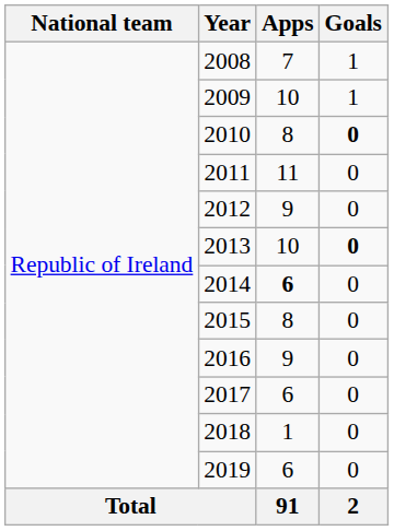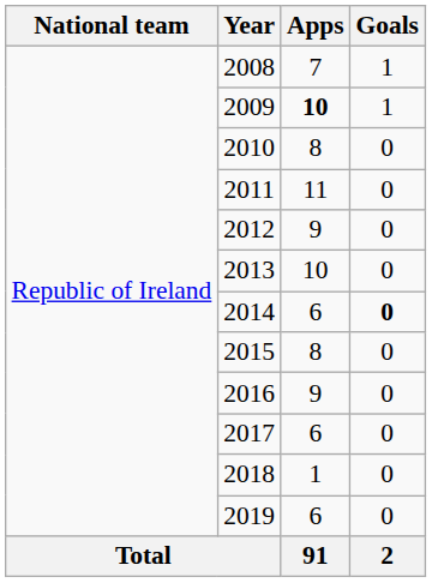 <table class=wikitable style=text-align:center>
 <tr>
 <th>National team</th>
 <th>Year</th>
 <th>Apps</th>
 <th>Goals</th>
 </tr>
 <tr>
 <td rowspan="12"><a href='#'>Republic of Ireland</a></td>
 <td>2008</td>
 <td>7</td>
 <td>1</td>
 </tr>
 <tr>
 <td>2009</td>
-<td>10</td>
+<td><strong>10</strong></td>
 <td>1</td>
 </tr>
 <tr>
 <td>2010</td>
 <td>8</td>
-<td><strong>0</strong></td>
+<td>0</td>
 </tr>
 <tr>
 <td>2011</td>
 <td>11</td>
 <td>0</td>
 </tr>
 <tr>
 <td>2012</td>
 <td>9</td>
 <td>0</td>
 </tr>
 <tr>
 <td>2013</td>
 <td>10</td>
-<td><strong>0</strong></td>
+<td>0</td>
 </tr>
 <tr>
 <td>2014</td>
-<td><strong>6</strong></td>
-<td>0</td>
+<td>6</td>
+<td><strong>0</strong></td>
 </tr>
 <tr>
 <td>2015</td>
 <td>8</td>
 <td>0</td>
 </tr>
 <tr>
 <td>2016</td>
 <td>9</td>
 <td>0</td>
 </tr>
 <tr>
 <td>2017</td>
 <td>6</td>
 <td>0</td>
 </tr>
 <tr>
 <td>2018</td>
 <td>1</td>
 <td>0</td>
 </tr>
 <tr>
 <td>2019</td>
 <td>6</td>
 <td>0</td>
 </tr>
 <tr>
 <th colspan="2">Total</th>
 <th>91</th>
 <th>2</th>
 </tr>
 </table>
